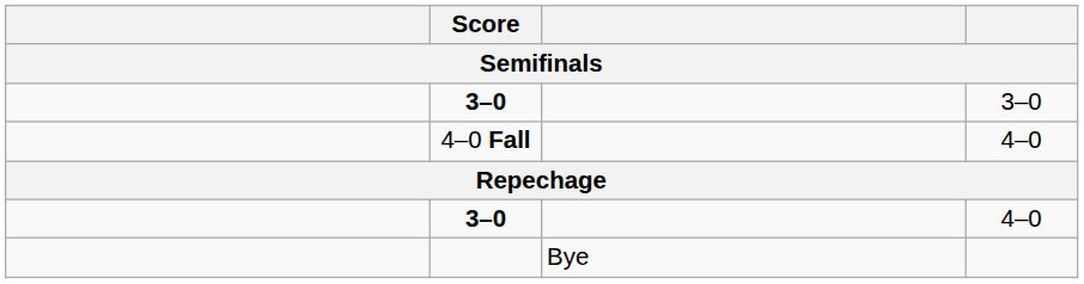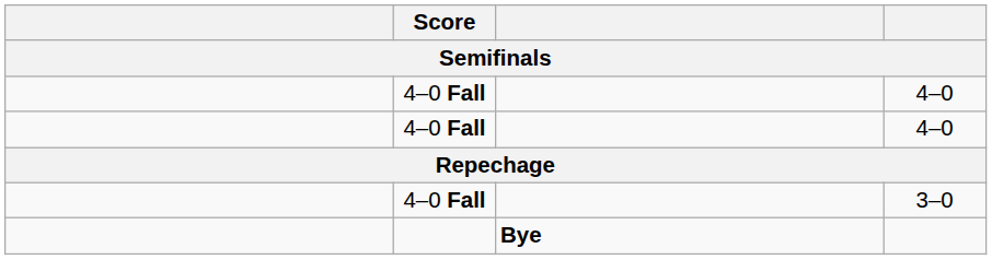 <table class="wikitable" style="text-align: left;">
 <tr>
 <th align="right" width="270"></th>
 <th width="65">Score</th>
 <th align="left" width="270"></th>
 <th width="65"></th>
 </tr>
 <tr>
 <th colspan=4>Semifinals</th>
 </tr>
 <tr>
 <td><strong></strong></td>
-<td align="center"><strong>3–0</strong></td>
+<td align="center">4–0 <strong>Fall</strong></td>
 <td></td>
-<td align=center>3–0 <strong></strong></td>
+<td align=center>4–0 <strong></strong></td>
 </tr>
 <tr>
 <td><strong></strong></td>
 <td align="center">4–0 <strong>Fall</strong></td>
 <td></td>
 <td align=center>4–0 <strong></strong></td>
 </tr>
 <tr>
 <th colspan=4>Repechage</th>
 </tr>
 <tr>
 <td><strong></strong></td>
-<td align="center"><strong>3–0</strong></td>
+<td align="center">4–0 <strong>Fall</strong></td>
 <td></td>
-<td align=center>4–0 <strong></strong></td>
+<td align=center>3–0 <strong></strong></td>
 </tr>
 <tr>
 <td><strong></strong></td>
 <td></td>
-<td>Bye</td>
+<td><strong>Bye</strong></td>
 <td></td>
 </tr>
 </table>
